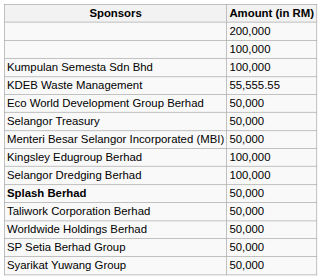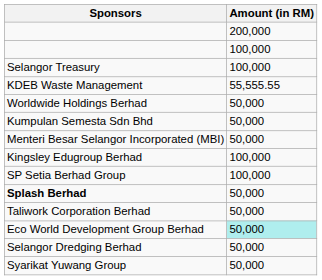 <table class="wikitable">
 <tr>
 <th>Sponsors</th>
 <th>Amount (in RM)</th>
 </tr>
 <tr>
 <td></td>
 <td>200,000</td>
 </tr>
 <tr>
 <td></td>
 <td>100,000</td>
 </tr>
 <tr>
-<td>Kumpulan Semesta Sdn Bhd</td>
+<td>Selangor Treasury</td>
 <td>100,000</td>
 </tr>
 <tr>
 <td>KDEB Waste Management</td>
 <td>55,555.55</td>
 </tr>
 <tr>
-<td>Eco World Development Group Berhad</td>
+<td>Worldwide Holdings Berhad</td>
 <td>50,000</td>
 </tr>
 <tr>
-<td>Selangor Treasury</td>
+<td>Kumpulan Semesta Sdn Bhd</td>
 <td>50,000</td>
 </tr>
 <tr>
 <td>Menteri Besar Selangor Incorporated (MBI)</td>
 <td>50,000</td>
 </tr>
 <tr>
 <td>Kingsley Edugroup Berhad</td>
 <td>100,000</td>
 </tr>
 <tr>
-<td>Selangor Dredging Berhad</td>
+<td>SP Setia Berhad Group</td>
 <td>100,000</td>
 </tr>
 <tr>
 <td><strong>Splash Berhad</strong></td>
 <td>50,000</td>
 </tr>
 <tr>
 <td>Taliwork Corporation Berhad</td>
 <td>50,000</td>
 </tr>
 <tr>
-<td>Worldwide Holdings Berhad</td>
-<td>50,000</td>
+<td>Eco World Development Group Berhad</td>
+<td style="background: paleturquoise;">50,000</td>
 </tr>
 <tr>
-<td>SP Setia Berhad Group</td>
+<td>Selangor Dredging Berhad</td>
 <td>50,000</td>
 </tr>
 <tr>
 <td>Syarikat Yuwang Group</td>
 <td>50,000</td>
 </tr>
 </table>
